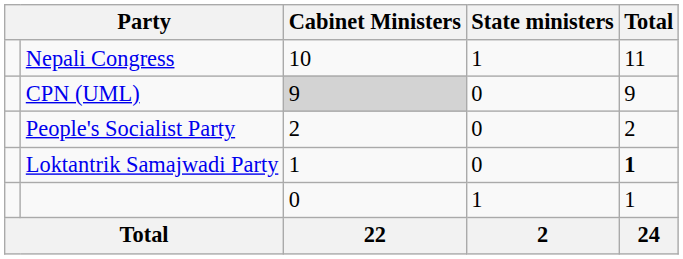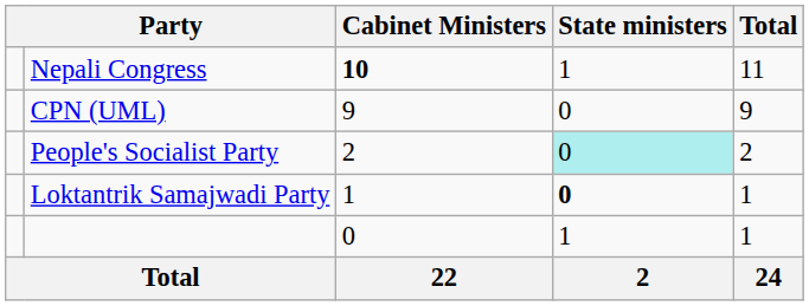 <table class="wikitable">
 <tr>
 <th colspan="2">Party</th>
 <th>Cabinet Ministers</th>
 <th>State ministers</th>
 <th>Total</th>
 </tr>
 <tr>
 <td width="4px"></td>
 <td><a href='#'>Nepali Congress</a></td>
-<td>10</td>
+<td><strong>10</strong></td>
 <td>1</td>
 <td>11</td>
 </tr>
 <tr>
 <td width="4px"></td>
 <td><a href='#'>CPN (UML)</a></td>
-<td style="background: lightgrey;">9</td>
+<td>9</td>
 <td>0</td>
 <td>9</td>
 </tr>
 <tr>
 <td></td>
 <td><a href='#'>People's Socialist Party</a></td>
 <td>2</td>
-<td>0</td>
+<td style="background: paleturquoise;">0</td>
 <td>2</td>
 </tr>
 <tr>
 <td width="4px"></td>
 <td><a href='#'>Loktantrik Samajwadi Party</a></td>
 <td>1</td>
-<td>0</td>
-<td><strong>1</strong></td>
+<td><strong>0</strong></td>
+<td>1</td>
 </tr>
 <tr>
 <td></td>
 <td></td>
 <td>0</td>
 <td>1</td>
 <td>1</td>
 </tr>
 <tr>
 <th colspan="2">Total</th>
 <th>22</th>
 <th>2</th>
 <th>24</th>
 </tr>
 </table>
